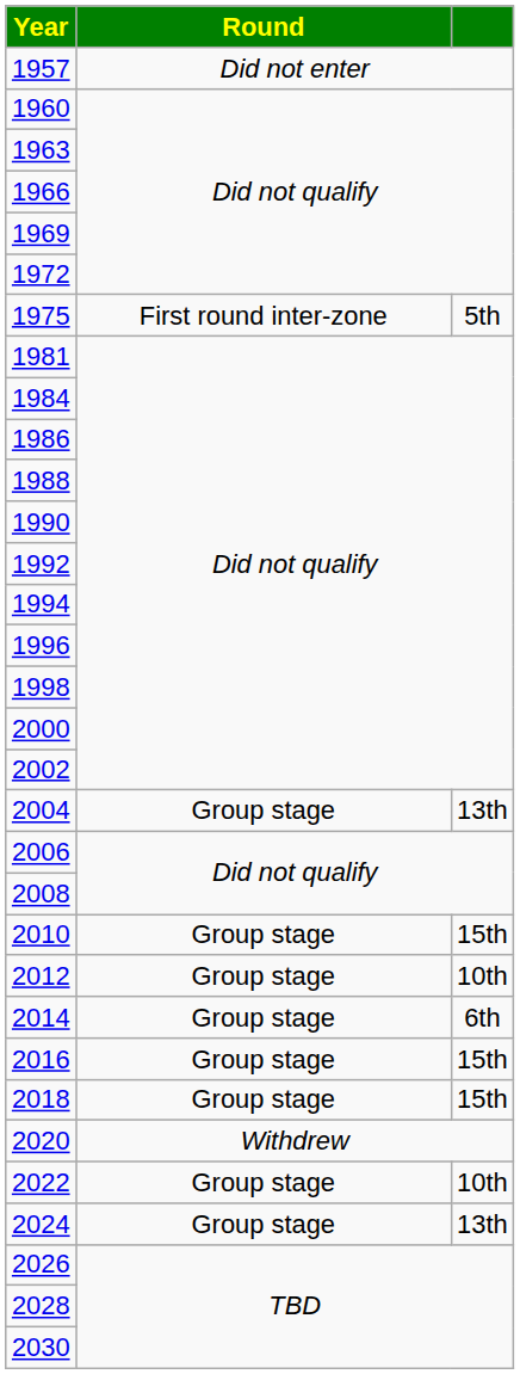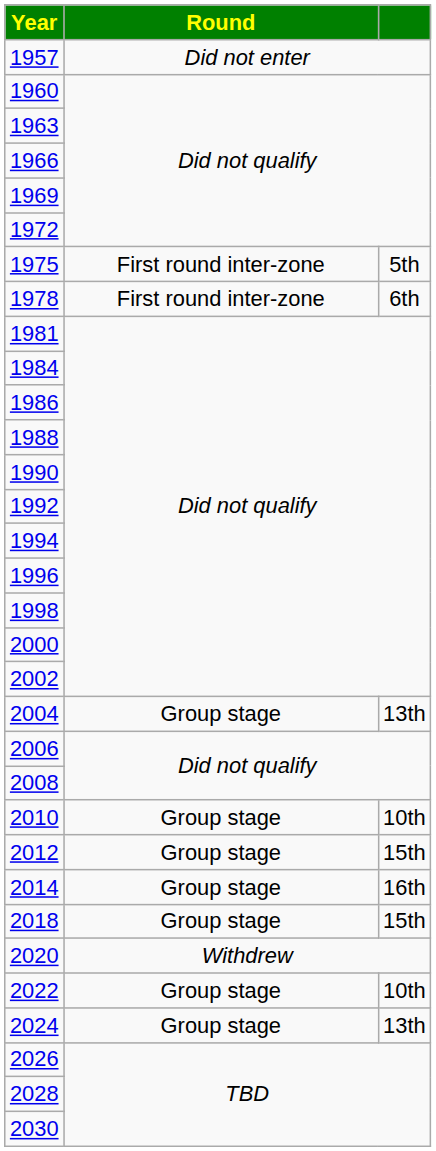 <table class="wikitable" style="text-align: center; font-size:90%">
 <tr style="color:yellow;">
 <th style="background:green;">Year</th>
 <th style="background:green; width:200px">Round</th>
 <th style="background:green;"></th>
 </tr>
 <tr>
 <td><a href='#'>1957</a></td>
 <td colspan="2"><em>Did not enter</em></td>
 </tr>
 <tr>
 <td><a href='#'>1960</a></td>
 <td colspan="2" rowspan="5"><em>Did not qualify</em></td>
 </tr>
 <tr>
 <td><a href='#'>1963</a></td>
 </tr>
 <tr>
 <td><a href='#'>1966</a></td>
 </tr>
 <tr>
 <td><a href='#'>1969</a></td>
 </tr>
 <tr>
 <td><a href='#'>1972</a></td>
 </tr>
 <tr>
 <td><a href='#'>1975</a></td>
 <td>First round inter-zone</td>
 <td>5th</td>
+</tr>
+<tr>
+<td><a href='#'>1978</a></td>
+<td>First round inter-zone</td>
+<td>6th</td>
 </tr>
 <tr>
 <td><a href='#'>1981</a></td>
 <td colspan="2" rowspan="11"><em>Did not qualify</em></td>
 </tr>
 <tr>
 <td><a href='#'>1984</a></td>
 </tr>
 <tr>
 <td><a href='#'>1986</a></td>
 </tr>
 <tr>
 <td><a href='#'>1988</a></td>
 </tr>
 <tr>
 <td><a href='#'>1990</a></td>
 </tr>
 <tr>
 <td><a href='#'>1992</a></td>
 </tr>
 <tr>
 <td><a href='#'>1994</a></td>
 </tr>
 <tr>
 <td><a href='#'>1996</a></td>
 </tr>
 <tr>
 <td><a href='#'>1998</a></td>
 </tr>
 <tr>
 <td><a href='#'>2000</a></td>
 </tr>
 <tr>
 <td><a href='#'>2002</a></td>
 </tr>
 <tr>
 <td><a href='#'>2004</a></td>
 <td>Group stage</td>
 <td>13th</td>
 </tr>
 <tr>
 <td><a href='#'>2006</a></td>
 <td colspan="2" rowspan="2"><em>Did not qualify</em></td>
 </tr>
 <tr>
 <td><a href='#'>2008</a></td>
 </tr>
 <tr>
 <td><a href='#'>2010</a></td>
 <td>Group stage</td>
-<td>15th</td>
+<td>10th</td>
 </tr>
 <tr>
 <td><a href='#'>2012</a></td>
 <td>Group stage</td>
-<td>10th</td>
+<td>15th</td>
 </tr>
 <tr>
 <td><a href='#'>2014</a></td>
 <td>Group stage</td>
-<td>6th</td>
-</tr>
-<tr>
-<td><a href='#'>2016</a></td>
-<td>Group stage</td>
-<td>15th</td>
+<td>16th</td>
 </tr>
 <tr>
 <td><a href='#'>2018</a></td>
 <td>Group stage</td>
 <td>15th</td>
 </tr>
 <tr>
 <td><a href='#'>2020</a></td>
 <td colspan="2"><em>Withdrew</em></td>
 </tr>
 <tr>
 <td><a href='#'>2022</a></td>
 <td>Group stage</td>
 <td>10th</td>
 </tr>
 <tr>
 <td><a href='#'>2024</a></td>
 <td>Group stage</td>
 <td>13th</td>
 </tr>
 <tr>
 <td><a href='#'>2026</a></td>
 <td colspan="2" rowspan="3"><em>TBD</em></td>
 </tr>
 <tr>
 <td><a href='#'>2028</a></td>
 </tr>
 <tr>
 <td><a href='#'>2030</a></td>
 </tr>
 </table>
